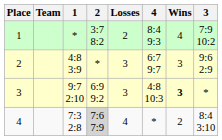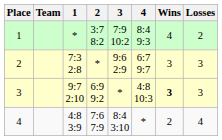 <table class="wikitable" style="text-align:center;">
 <tr>
 <th>Place</th>
 <th>Team</th>
 <th width="25">1</th>
 <th width="25">2</th>
-<th>Losses</th>
+<th width="25">3</th>
 <th width="25">4</th>
 <th>Wins</th>
-<th width="25">3</th>
+<th>Losses</th>
 </tr>
 <tr bgcolor=#cfc>
 <td>1</td>
 <td align=left></td>
 <td>*</td>
 <td>3:7<br> 8:2</td>
-<td>2</td>
+<td>7:9<br>10:2</td>
 <td>8:4<br> 9:3</td>
 <td>4</td>
-<td>7:9<br>10:2</td>
+<td>2</td>
 </tr>
 <tr bgcolor=#ffc>
 <td>2</td>
 <td align=left></td>
-<td>4:8<br> 3:9</td>
+<td>7:3<br> 2:8</td>
 <td>*</td>
-<td>3</td>
+<td>9:6<br> 2:9</td>
 <td>6:7<br> 9:7</td>
 <td>3</td>
-<td>9:6<br> 2:9</td>
+<td>3</td>
 </tr>
 <tr bgcolor=#ffc>
 <td>3</td>
 <td align=left></td>
 <td>9:7<br>2:10</td>
 <td>6:9<br> 9:2</td>
-<td>3</td>
+<td>*</td>
 <td>4:8<br>10:3</td>
 <td><strong>3</strong></td>
-<td>*</td>
+<td>3</td>
 </tr>
 <tr>
 <td>4</td>
 <td align=left></td>
-<td>7:3<br> 2:8</td>
-<td style="background: lightgrey;">7:6<br> 7:9</td>
-<td>4</td>
+<td>4:8<br> 3:9</td>
+<td>7:6<br> 7:9</td>
+<td>8:4<br>3:10</td>
 <td>*</td>
 <td>2</td>
-<td>8:4<br>3:10</td>
+<td>4</td>
 </tr>
 </table>
